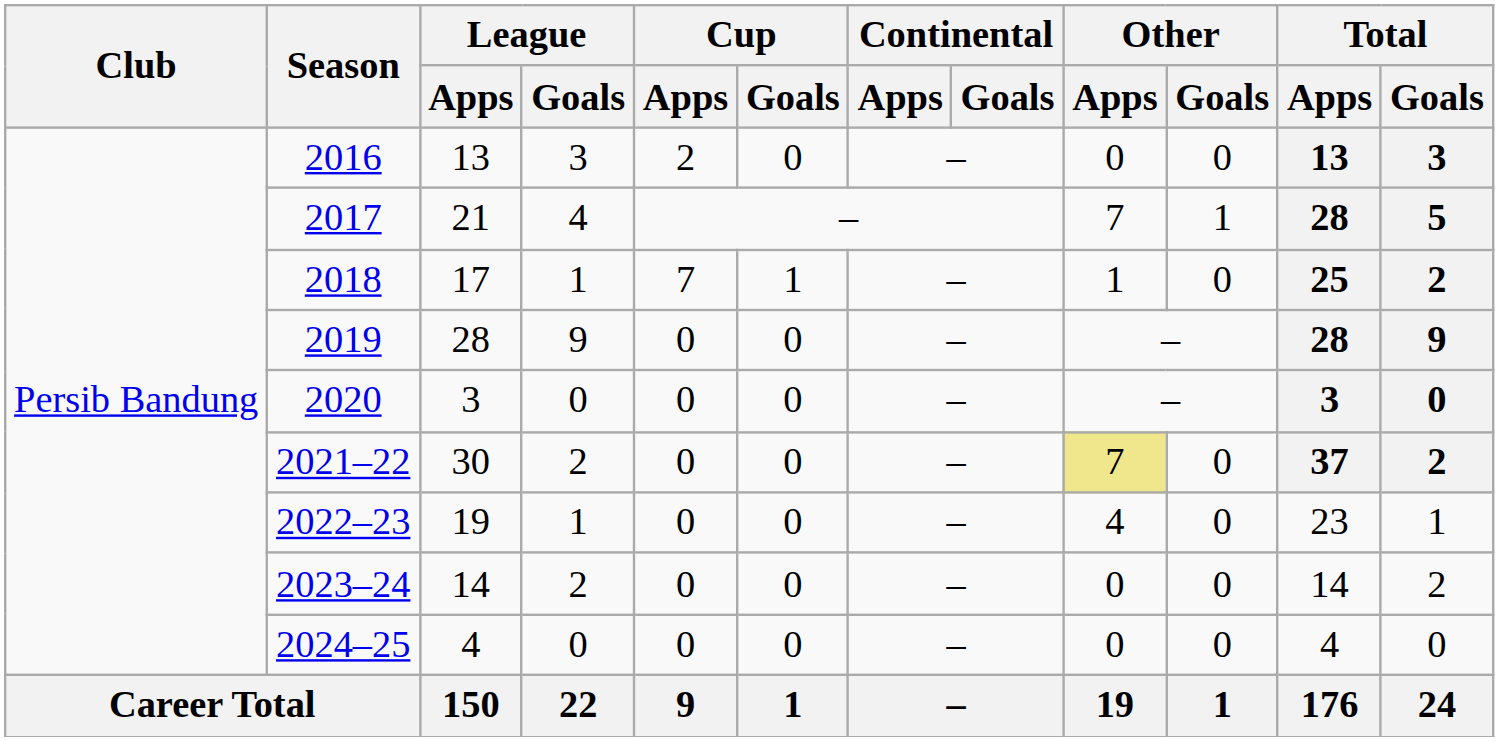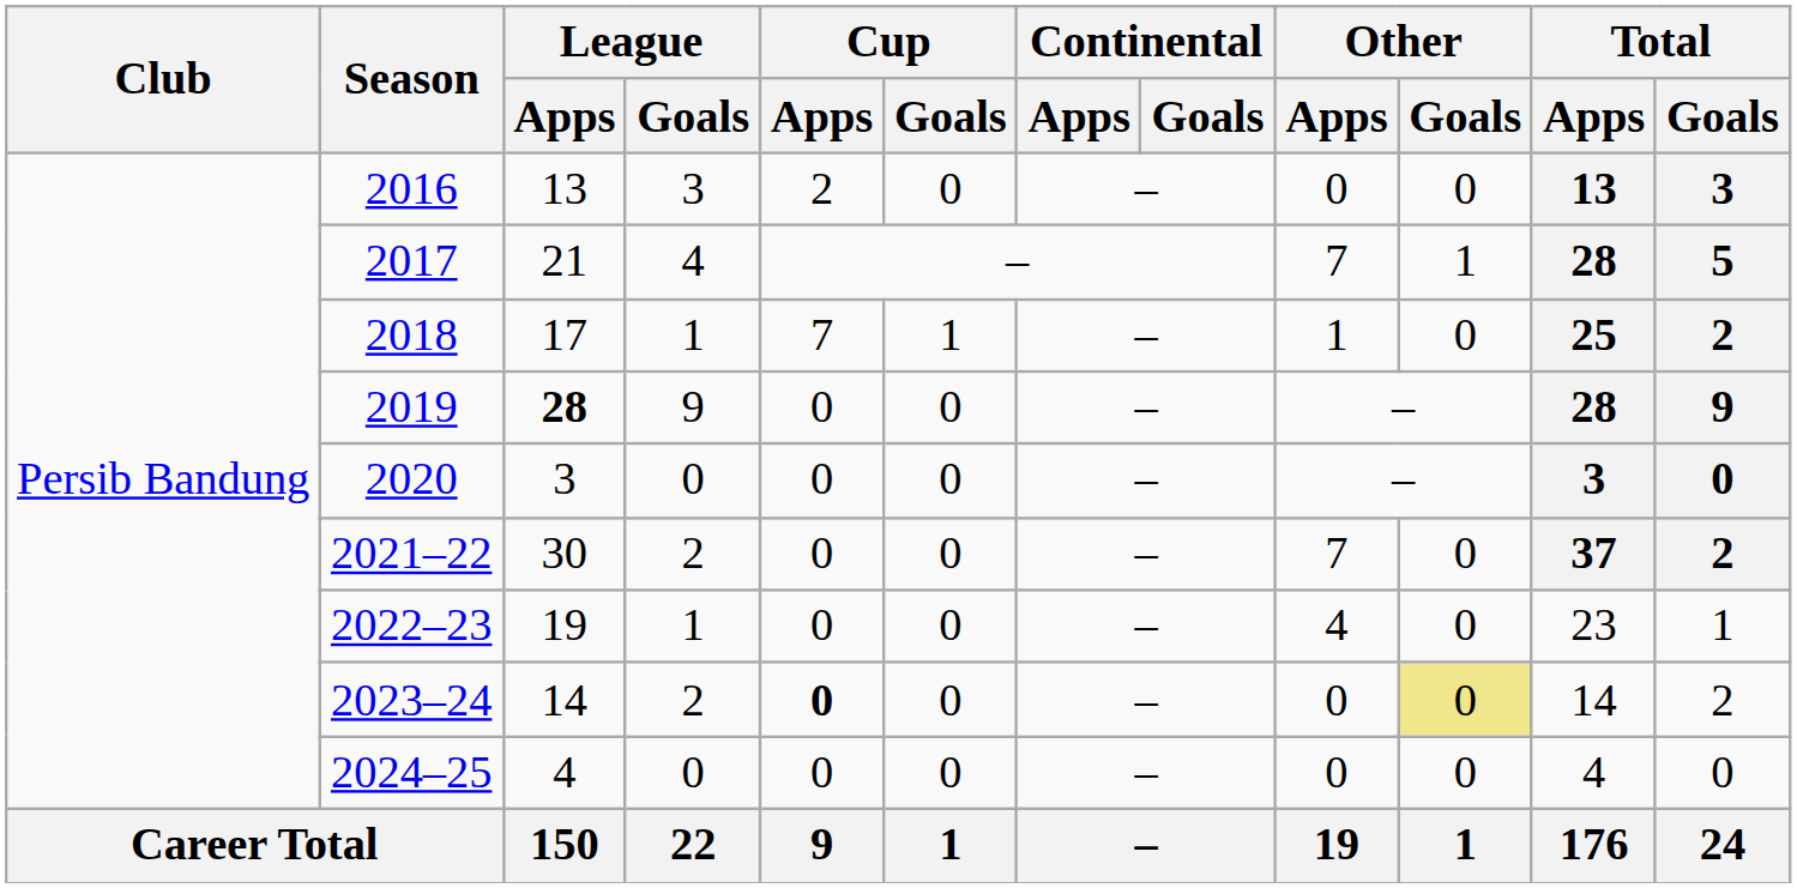 <table class="wikitable" style="text-align:center;">
 <tr>
 <th rowspan="2">Club</th>
 <th rowspan="2">Season</th>
 <th colspan="2">League</th>
 <th colspan="2">Cup</th>
 <th colspan="2">Continental</th>
 <th colspan="2">Other</th>
 <th colspan="2">Total</th>
 </tr>
 <tr>
 <th>Apps</th>
 <th>Goals</th>
 <th>Apps</th>
 <th>Goals</th>
 <th>Apps</th>
 <th>Goals</th>
 <th>Apps</th>
 <th>Goals</th>
 <th>Apps</th>
 <th>Goals</th>
 </tr>
 <tr>
 <td rowspan="9"><a href='#'>Persib Bandung</a></td>
 <td><a href='#'>2016</a></td>
 <td>13</td>
 <td>3</td>
 <td>2</td>
 <td>0</td>
 <td colspan=2>–</td>
 <td>0</td>
 <td>0</td>
 <th>13</th>
 <th>3</th>
 </tr>
 <tr>
 <td><a href='#'>2017</a></td>
 <td>21</td>
 <td>4</td>
 <td colspan=4>–</td>
 <td>7</td>
 <td>1</td>
 <th>28</th>
 <th>5</th>
 </tr>
 <tr>
 <td><a href='#'>2018</a></td>
 <td>17</td>
 <td>1</td>
 <td>7</td>
 <td>1</td>
 <td colspan=2>–</td>
 <td>1</td>
 <td>0</td>
 <th>25</th>
 <th>2</th>
 </tr>
 <tr>
 <td><a href='#'>2019</a></td>
-<td>28</td>
+<td><strong>28</strong></td>
 <td>9</td>
 <td>0</td>
 <td>0</td>
 <td colspan=2>–</td>
 <td colspan=2>–</td>
 <th>28</th>
 <th>9</th>
 </tr>
 <tr>
 <td><a href='#'>2020</a></td>
 <td>3</td>
 <td>0</td>
 <td>0</td>
 <td>0</td>
 <td colspan=2>–</td>
 <td colspan=2>–</td>
 <th>3</th>
 <th>0</th>
 </tr>
 <tr>
 <td><a href='#'>2021–22</a></td>
 <td>30</td>
 <td>2</td>
 <td>0</td>
 <td>0</td>
 <td colspan=2>–</td>
-<td style="background: khaki;">7</td>
+<td>7</td>
 <td>0</td>
 <th>37</th>
 <th>2</th>
 </tr>
 <tr>
 <td><a href='#'>2022–23</a></td>
 <td>19</td>
 <td>1</td>
 <td>0</td>
 <td>0</td>
 <td colspan=2>–</td>
 <td>4</td>
 <td>0</td>
 <td>23</td>
 <td>1</td>
 </tr>
 <tr>
 <td><a href='#'>2023–24</a></td>
 <td>14</td>
 <td>2</td>
-<td>0</td>
+<td><strong>0</strong></td>
 <td>0</td>
 <td colspan=2>–</td>
 <td>0</td>
-<td>0</td>
+<td style="background: khaki;">0</td>
 <td>14</td>
 <td>2</td>
 </tr>
 <tr>
 <td><a href='#'>2024–25</a></td>
 <td>4</td>
 <td>0</td>
 <td>0</td>
 <td>0</td>
 <td colspan=2>–</td>
 <td>0</td>
 <td>0</td>
 <td>4</td>
 <td>0</td>
 </tr>
 <tr>
 <th colspan="2">Career Total</th>
 <th>150</th>
 <th>22</th>
 <th>9</th>
 <th>1</th>
 <th colspan="2">–</th>
 <th>19</th>
 <th>1</th>
 <th>176</th>
 <th>24</th>
 </tr>
 <tr>
 </tr>
 </table>
